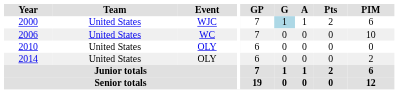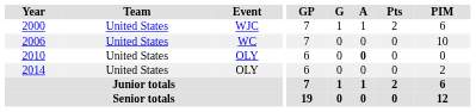 <table border="0" cellpadding="1" cellspacing="0" ID="Table3" style="text-align:center; width:40em">
 <tr bgcolor="#e0e0e0">
 <th>Year</th>
 <th>Team</th>
 <th>Event</th>
 <th rowspan="102" bgcolor="#ffffff"></th>
 <th>GP</th>
 <th>G</th>
 <th>A</th>
 <th>Pts</th>
 <th>PIM</th>
 </tr>
 <tr>
 <td><a href='#'>2000</a></td>
 <td><a href='#'>United States</a></td>
 <td><a href='#'>WJC</a></td>
 <td>7</td>
-<td style="background: lightblue;">1</td>
+<td>1</td>
 <td>1</td>
 <td>2</td>
 <td>6</td>
 </tr>
 <tr bgcolor="#f0f0f0">
 <td><a href='#'>2006</a></td>
 <td><a href='#'>United States</a></td>
 <td><a href='#'>WC</a></td>
 <td>7</td>
 <td>0</td>
 <td>0</td>
 <td>0</td>
 <td>10</td>
 </tr>
 <tr>
 <td><a href='#'>2010</a></td>
 <td>United States</td>
 <td><a href='#'>OLY</a></td>
 <td>6</td>
 <td>0</td>
-<td>0</td>
+<td><strong>0</strong></td>
 <td>0</td>
 <td>0</td>
 </tr>
 <tr bgcolor="#f0f0f0">
 <td><a href='#'>2014</a></td>
 <td>United States</td>
 <td>OLY</td>
 <td>6</td>
 <td>0</td>
 <td>0</td>
 <td>0</td>
 <td>2</td>
 </tr>
 <tr bgcolor="#e0e0e0">
 <th colspan="3">Junior totals</th>
 <th>7</th>
 <th>1</th>
 <th>1</th>
 <th>2</th>
 <th>6</th>
 </tr>
 <tr bgcolor="#e0e0e0">
 <th colspan="3">Senior totals</th>
 <th>19</th>
 <th>0</th>
 <th>0</th>
 <th>0</th>
 <th>12</th>
 </tr>
 </table>
